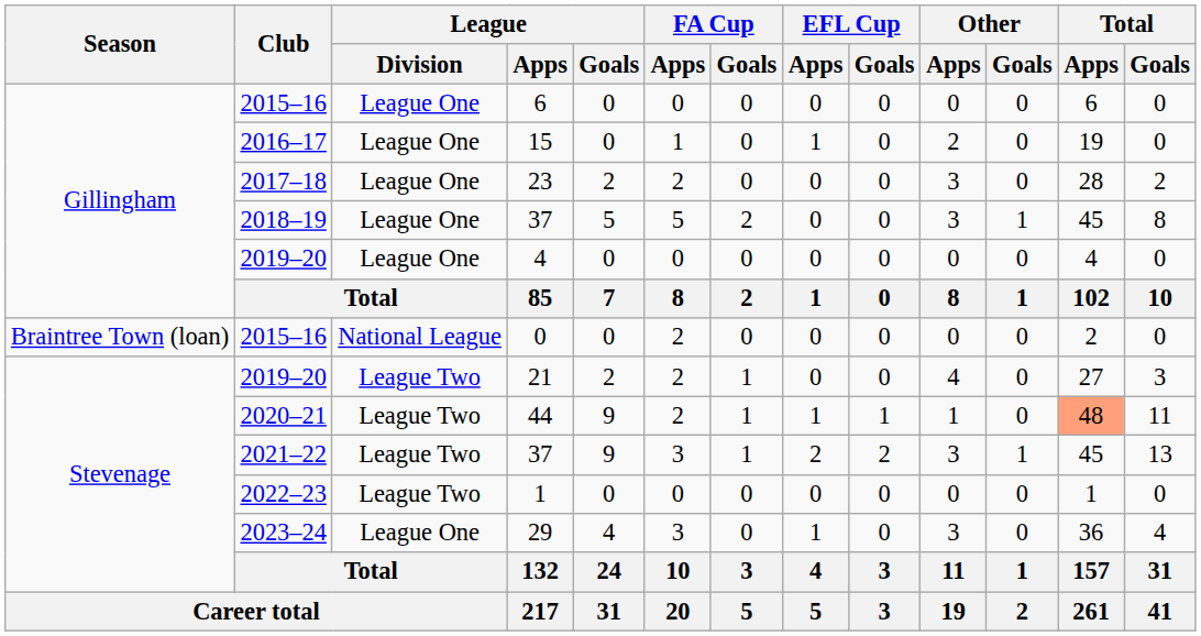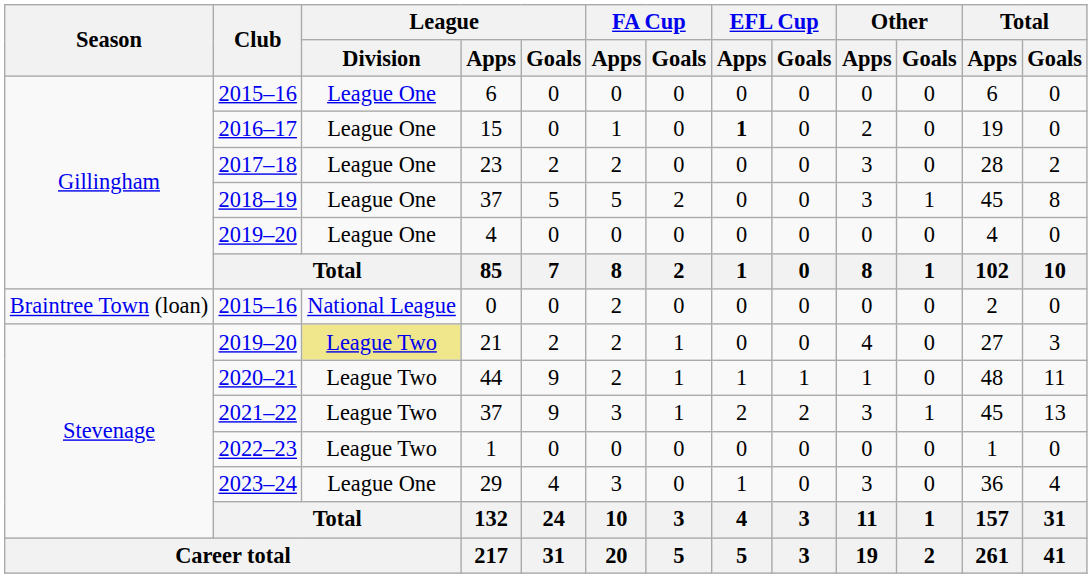 <table class="wikitable" style="text-align:center">
 <tr>
 <th rowspan="2">Season</th>
 <th rowspan="2">Club</th>
 <th colspan="3">League</th>
 <th colspan="2"><a href='#'>FA Cup</a></th>
 <th colspan="2"><a href='#'>EFL Cup</a></th>
 <th colspan="2">Other</th>
 <th colspan="2">Total</th>
 </tr>
 <tr>
 <th>Division</th>
 <th>Apps</th>
 <th>Goals</th>
 <th>Apps</th>
 <th>Goals</th>
 <th>Apps</th>
 <th>Goals</th>
 <th>Apps</th>
 <th>Goals</th>
 <th>Apps</th>
 <th>Goals</th>
 </tr>
 <tr>
 <td rowspan="6"><a href='#'>Gillingham</a></td>
 <td><a href='#'>2015–16</a></td>
 <td><a href='#'>League One</a></td>
 <td>6</td>
 <td>0</td>
 <td>0</td>
 <td>0</td>
 <td>0</td>
 <td>0</td>
 <td>0</td>
 <td>0</td>
 <td>6</td>
 <td>0</td>
 </tr>
 <tr>
 <td><a href='#'>2016–17</a></td>
 <td>League One</td>
 <td>15</td>
 <td>0</td>
 <td>1</td>
 <td>0</td>
-<td>1</td>
+<td><strong>1</strong></td>
 <td>0</td>
 <td>2</td>
 <td>0</td>
 <td>19</td>
 <td>0</td>
 </tr>
 <tr>
 <td><a href='#'>2017–18</a></td>
 <td>League One</td>
 <td>23</td>
 <td>2</td>
 <td>2</td>
 <td>0</td>
 <td>0</td>
 <td>0</td>
 <td>3</td>
 <td>0</td>
 <td>28</td>
 <td>2</td>
 </tr>
 <tr>
 <td><a href='#'>2018–19</a></td>
 <td>League One</td>
 <td>37</td>
 <td>5</td>
 <td>5</td>
 <td>2</td>
 <td>0</td>
 <td>0</td>
 <td>3</td>
 <td>1</td>
 <td>45</td>
 <td>8</td>
 </tr>
 <tr>
 <td><a href='#'>2019–20</a></td>
 <td>League One</td>
 <td>4</td>
 <td>0</td>
 <td>0</td>
 <td>0</td>
 <td>0</td>
 <td>0</td>
 <td>0</td>
 <td>0</td>
 <td>4</td>
 <td>0</td>
 </tr>
 <tr>
 <th colspan="2">Total</th>
 <th>85</th>
 <th>7</th>
 <th>8</th>
 <th>2</th>
 <th>1</th>
 <th>0</th>
 <th>8</th>
 <th>1</th>
 <th>102</th>
 <th>10</th>
 </tr>
 <tr>
 <td><a href='#'>Braintree Town</a> (loan)</td>
 <td><a href='#'>2015–16</a></td>
 <td><a href='#'>National League</a></td>
 <td>0</td>
 <td>0</td>
 <td>2</td>
 <td>0</td>
 <td>0</td>
 <td>0</td>
 <td>0</td>
 <td>0</td>
 <td>2</td>
 <td>0</td>
 </tr>
 <tr>
 <td rowspan="6"><a href='#'>Stevenage</a></td>
 <td><a href='#'>2019–20</a></td>
-<td><a href='#'>League Two</a></td>
+<td style="background: khaki;"><a href='#'>League Two</a></td>
 <td>21</td>
 <td>2</td>
 <td>2</td>
 <td>1</td>
 <td>0</td>
 <td>0</td>
 <td>4</td>
 <td>0</td>
 <td>27</td>
 <td>3</td>
 </tr>
 <tr>
 <td><a href='#'>2020–21</a></td>
 <td>League Two</td>
 <td>44</td>
 <td>9</td>
 <td>2</td>
 <td>1</td>
 <td>1</td>
 <td>1</td>
 <td>1</td>
 <td>0</td>
-<td style="background: lightsalmon;">48</td>
+<td>48</td>
 <td>11</td>
 </tr>
 <tr>
 <td><a href='#'>2021–22</a></td>
 <td>League Two</td>
 <td>37</td>
 <td>9</td>
 <td>3</td>
 <td>1</td>
 <td>2</td>
 <td>2</td>
 <td>3</td>
 <td>1</td>
 <td>45</td>
 <td>13</td>
 </tr>
 <tr>
 <td><a href='#'>2022–23</a></td>
 <td>League Two</td>
 <td>1</td>
 <td>0</td>
 <td>0</td>
 <td>0</td>
 <td>0</td>
 <td>0</td>
 <td>0</td>
 <td>0</td>
 <td>1</td>
 <td>0</td>
 </tr>
 <tr>
 <td><a href='#'>2023–24</a></td>
 <td>League One</td>
 <td>29</td>
 <td>4</td>
 <td>3</td>
 <td>0</td>
 <td>1</td>
 <td>0</td>
 <td>3</td>
 <td>0</td>
 <td>36</td>
 <td>4</td>
 </tr>
 <tr>
 <th colspan="2">Total</th>
 <th>132</th>
 <th>24</th>
 <th>10</th>
 <th>3</th>
 <th>4</th>
 <th>3</th>
 <th>11</th>
 <th>1</th>
 <th>157</th>
 <th>31</th>
 </tr>
 <tr>
 <th colspan="3">Career total</th>
 <th>217</th>
 <th>31</th>
 <th>20</th>
 <th>5</th>
 <th>5</th>
 <th>3</th>
 <th>19</th>
 <th>2</th>
 <th>261</th>
 <th>41</th>
 </tr>
 </table>
